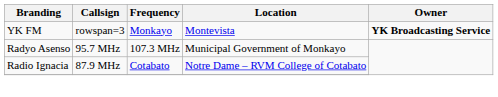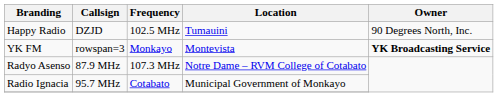 <table class="wikitable">
 <tr>
 <th>Branding</th>
 <th>Callsign</th>
 <th>Frequency</th>
 <th>Location</th>
 <th>Owner</th>
+</tr>
+<tr>
+<td>Happy Radio</td>
+<td>DZJD</td>
+<td>102.5 MHz</td>
+<td><a href='#'>Tumauini</a></td>
+<td>90 Degrees North, Inc.</td>
 </tr>
 <tr>
 <td>YK FM</td>
 <td>rowspan=3 </td>
 <td><a href='#'>Monkayo</a></td>
 <td><a href='#'>Montevista</a></td>
 <td><strong>YK Broadcasting Service</strong></td>
 </tr>
 <tr>
 <td>Radyo Asenso</td>
-<td>95.7 MHz</td>
+<td>87.9 MHz</td>
 <td>107.3 MHz</td>
-<td>Municipal Government of Monkayo</td>
+<td><a href='#'>Notre Dame – RVM College of Cotabato</a></td>
 </tr>
 <tr>
 <td>Radio Ignacia</td>
-<td>87.9 MHz</td>
+<td>95.7 MHz</td>
 <td><a href='#'>Cotabato</a></td>
-<td><a href='#'>Notre Dame – RVM College of Cotabato</a></td>
+<td>Municipal Government of Monkayo</td>
 </tr>
 <tr>
 </tr>
 </table>
